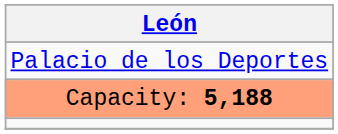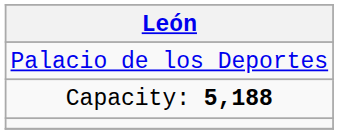 <table class="wikitable" style="text-align:center; margin:1em auto;">
 <tr>
 <th><a href='#'>León</a></th>
 </tr>
 <tr>
 <td><a href='#'>Palacio de los Deportes</a></td>
 </tr>
 <tr>
-<td style="background: lightsalmon;">Capacity: <strong>5,188</strong></td>
+<td>Capacity: <strong>5,188</strong></td>
 </tr>
 <tr>
 <td></td>
 </tr>
 <tr>
 </tr>
 </table>
